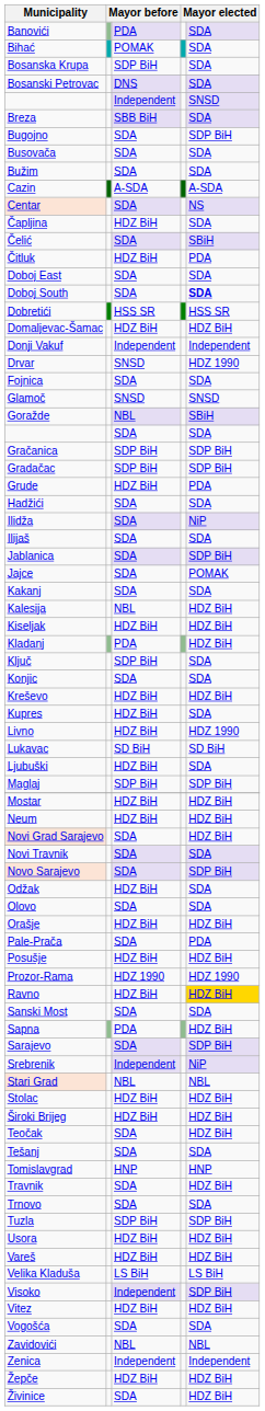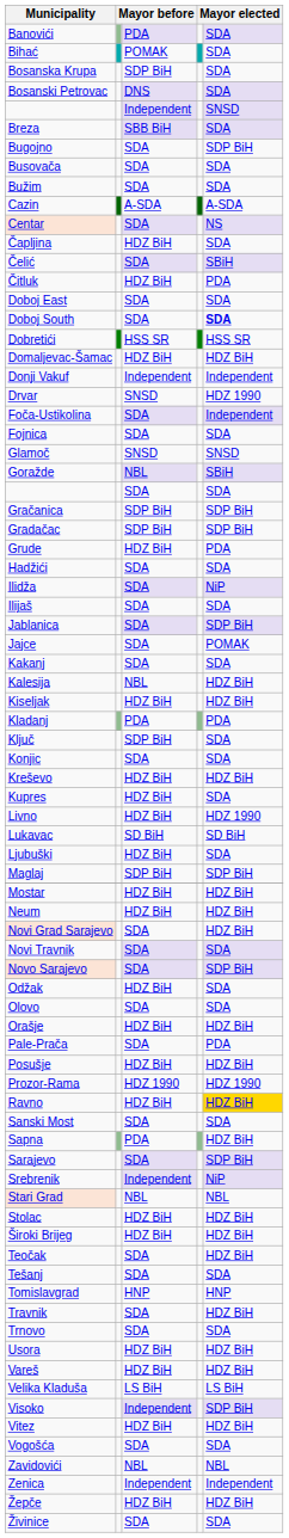 <table class="wikitable sortable">
 <tr>
 <th>Municipality</th>
 <th colspan="2">Mayor before</th>
 <th colspan="2">Mayor elected</th>
 </tr>
 <tr>
 <td><a href='#'>Banovići</a></td>
 <td style="background-color:#8fbc8f"></td>
 <td style="background-color:#e5ddf3"><a href='#'>PDA</a></td>
 <td style="background-color:"></td>
 <td style="background-color:#e5ddf3"><a href='#'>SDA</a></td>
 </tr>
 <tr>
 <td><a href='#'>Bihać</a></td>
 <td style="background-color:#00AAAD"></td>
 <td><a href='#'>POMAK</a></td>
 <td style="background-color:#00AAAD"></td>
 <td><a href='#'>SDA</a></td>
 </tr>
 <tr>
 <td><a href='#'>Bosanska Krupa</a></td>
 <td style="background-color:"></td>
 <td><a href='#'>SDP BiH</a></td>
 <td style="background-color:"></td>
 <td><a href='#'>SDA</a></td>
 </tr>
 <tr>
 <td><a href='#'>Bosanski Petrovac</a></td>
 <td style="background-color:"></td>
 <td style="background-color:#e5ddf3"><a href='#'>DNS</a></td>
 <td style="background-color:"></td>
 <td style="background-color:#e5ddf3"><a href='#'>SDA</a></td>
 </tr>
 <tr>
 <td></td>
 <td style="background-color:"></td>
 <td style="background-color:#e5ddf3"><a href='#'>Independent</a></td>
 <td style="background-color:"></td>
 <td style="background-color:#e5ddf3"><a href='#'>SNSD</a></td>
 </tr>
 <tr>
 <td><a href='#'>Breza</a></td>
 <td style="background-color:"></td>
 <td style="background-color:#e5ddf3"><a href='#'>SBB BiH</a></td>
 <td style="background-color:"></td>
 <td style="background-color:#e5ddf3"><a href='#'>SDA</a></td>
 </tr>
 <tr>
 <td><a href='#'>Bugojno</a></td>
 <td style="background-color:"></td>
 <td><a href='#'>SDA</a></td>
 <td style="background-color:"></td>
 <td><a href='#'>SDP BiH</a></td>
 </tr>
 <tr>
 <td><a href='#'>Busovača</a></td>
 <td style="background-color:"></td>
 <td><a href='#'>SDA</a></td>
 <td style="background-color:"></td>
 <td><a href='#'>SDA</a></td>
 </tr>
 <tr>
 <td><a href='#'>Bužim</a></td>
 <td style="background-color:"></td>
 <td><a href='#'>SDA</a></td>
 <td style="background-color:"></td>
 <td><a href='#'>SDA</a></td>
 </tr>
 <tr>
 <td><a href='#'>Cazin</a></td>
 <td style="background-color:darkgreen"></td>
 <td><a href='#'>A-SDA</a></td>
 <td style="background-color:darkgreen"></td>
 <td><a href='#'>A-SDA</a></td>
 </tr>
 <tr>
 <td style="background: #FCE4D6"><a href='#'>Centar</a></td>
 <td style="background-color:"></td>
 <td style="background-color:#e5ddf3"><a href='#'>SDA</a></td>
 <td style="background-color:"></td>
 <td style="background-color:#e5ddf3"><a href='#'>NS</a></td>
 </tr>
 <tr>
 <td><a href='#'>Čapljina</a></td>
 <td style="background-color:"></td>
 <td><a href='#'>HDZ BiH</a></td>
 <td style="background-color:"></td>
 <td><a href='#'>SDA</a></td>
 </tr>
 <tr>
 <td><a href='#'>Čelić</a></td>
 <td style="background-color:"></td>
 <td style="background-color:#e5ddf3"><a href='#'>SDA</a></td>
 <td style="background-color:"></td>
 <td style="background-color:#e5ddf3"><a href='#'>SBiH</a></td>
 </tr>
 <tr>
 <td><a href='#'>Čitluk</a></td>
 <td style="background-color:"></td>
 <td><a href='#'>HDZ BiH</a></td>
 <td style="background-color:"></td>
 <td><a href='#'>PDA</a></td>
 </tr>
 <tr>
 <td><a href='#'>Doboj East</a></td>
 <td style="background-color:"></td>
 <td><a href='#'>SDA</a></td>
 <td style="background-color:"></td>
 <td><a href='#'>SDA</a></td>
 </tr>
 <tr>
 <td><a href='#'>Doboj South</a></td>
 <td style="background-color:"></td>
 <td><a href='#'>SDA</a></td>
 <td style="background-color:"></td>
 <td><strong><a href='#'>SDA</a></strong></td>
 </tr>
 <tr>
 <td><a href='#'>Dobretići</a></td>
 <td style="background-color:green"></td>
 <td><a href='#'>HSS SR</a></td>
 <td style="background-color:green"></td>
 <td><a href='#'>HSS SR</a></td>
 </tr>
 <tr>
 <td><a href='#'>Domaljevac-Šamac</a></td>
 <td style="background-color:"></td>
 <td><a href='#'>HDZ BiH</a></td>
 <td style="background-color:"></td>
 <td><a href='#'>HDZ BiH</a></td>
 </tr>
 <tr>
 <td><a href='#'>Donji Vakuf</a></td>
 <td style="background-color:"></td>
 <td><a href='#'>Independent</a></td>
 <td style="background-color:"></td>
 <td><a href='#'>Independent</a></td>
 </tr>
 <tr>
 <td><a href='#'>Drvar</a></td>
 <td style="background-color:"></td>
 <td><a href='#'>SNSD</a></td>
 <td style="background-color:"></td>
 <td><a href='#'>HDZ 1990</a></td>
 </tr>
 <tr>
+<td><a href='#'>Foča-Ustikolina</a></td>
+<td style="background-color:"></td>
+<td style="background-color:#e5ddf3"><a href='#'>SDA</a></td>
+<td style="background-color:"></td>
+<td style="background-color:#e5ddf3"><a href='#'>Independent</a></td>
+</tr>
+<tr>
 <td><a href='#'>Fojnica</a></td>
 <td style="background-color:"></td>
 <td><a href='#'>SDA</a></td>
 <td style="background-color:"></td>
 <td><a href='#'>SDA</a></td>
 </tr>
 <tr>
 <td><a href='#'>Glamoč</a></td>
 <td style="background-color:"></td>
 <td><a href='#'>SNSD</a></td>
 <td style="background-color:"></td>
 <td><a href='#'>SNSD</a></td>
 </tr>
 <tr>
 <td><a href='#'>Goražde</a></td>
 <td style="background-color:"></td>
 <td style="background-color:#e5ddf3"><a href='#'>NBL</a></td>
 <td style="background-color:"></td>
 <td style="background-color:#e5ddf3"><a href='#'>SBiH</a></td>
 </tr>
 <tr>
 <td></td>
 <td style="background-color:"></td>
 <td><a href='#'>SDA</a></td>
 <td style="background-color:"></td>
 <td><a href='#'>SDA</a></td>
 </tr>
 <tr>
 <td><a href='#'>Gračanica</a></td>
 <td style="background-color:"></td>
 <td><a href='#'>SDP BiH</a></td>
 <td style="background-color:"></td>
 <td><a href='#'>SDP BiH</a></td>
 </tr>
 <tr>
 <td><a href='#'>Gradačac</a></td>
 <td style="background-color:"></td>
 <td><a href='#'>SDP BiH</a></td>
 <td style="background-color:"></td>
 <td><a href='#'>SDP BiH</a></td>
 </tr>
 <tr>
 <td><a href='#'>Grude</a></td>
 <td style="background-color:"></td>
 <td><a href='#'>HDZ BiH</a></td>
 <td style="background-color:"></td>
 <td><a href='#'>PDA</a></td>
 </tr>
 <tr>
 <td><a href='#'>Hadžići</a></td>
 <td style="background-color:"></td>
 <td><a href='#'>SDA</a></td>
 <td style="background-color:"></td>
 <td><a href='#'>SDA</a></td>
 </tr>
 <tr>
 <td><a href='#'> Ilidža</a></td>
 <td style="background-color:"></td>
 <td style="background-color:#e5ddf3"><a href='#'>SDA</a></td>
 <td style="background-color:"></td>
 <td style="background-color:#e5ddf3"><a href='#'>NiP</a></td>
 </tr>
 <tr>
 <td><a href='#'>Ilijaš</a></td>
 <td style="background-color:"></td>
 <td><a href='#'>SDA</a></td>
 <td style="background-color:"></td>
 <td><a href='#'>SDA</a></td>
 </tr>
 <tr>
 <td><a href='#'>Jablanica</a></td>
 <td style="background-color:"></td>
 <td style="background-color:#e5ddf3"><a href='#'>SDA</a></td>
 <td style="background-color:"></td>
 <td style="background-color:#e5ddf3"><a href='#'>SDP BiH</a></td>
 </tr>
 <tr>
 <td><a href='#'>Jajce</a></td>
 <td style="background-color:"></td>
 <td><a href='#'>SDA</a></td>
 <td style="background-color:"></td>
 <td><a href='#'>POMAK</a></td>
 </tr>
 <tr>
 <td><a href='#'>Kakanj</a></td>
 <td style="background-color:"></td>
 <td><a href='#'>SDA</a></td>
 <td style="background-color:"></td>
 <td><a href='#'>SDA</a></td>
 </tr>
 <tr>
 <td><a href='#'>Kalesija</a></td>
 <td style="background-color:"></td>
 <td><a href='#'>NBL</a></td>
 <td style="background-color:"></td>
 <td><a href='#'>HDZ BiH</a></td>
 </tr>
 <tr>
 <td><a href='#'>Kiseljak</a></td>
 <td style="background-color:"></td>
 <td><a href='#'>HDZ BiH</a></td>
 <td style="background-color:"></td>
 <td><a href='#'>HDZ BiH</a></td>
 </tr>
 <tr>
 <td><a href='#'>Kladanj</a></td>
 <td style="background-color:#8fbc8f"></td>
 <td><a href='#'>PDA</a></td>
 <td style="background-color:#8fbc8f"></td>
-<td><a href='#'>HDZ BiH</a></td>
+<td><a href='#'>PDA</a></td>
 </tr>
 <tr>
 <td><a href='#'>Ključ</a></td>
 <td style="background-color:"></td>
 <td><a href='#'>SDP BiH</a></td>
 <td style="background-color:"></td>
 <td><a href='#'>SDA</a></td>
 </tr>
 <tr>
 <td><a href='#'>Konjic</a></td>
 <td style="background-color:"></td>
 <td><a href='#'>SDA</a></td>
 <td style="background-color:"></td>
 <td><a href='#'>SDA</a></td>
 </tr>
 <tr>
 <td><a href='#'>Kreševo</a></td>
 <td style="background-color:"></td>
 <td><a href='#'>HDZ BiH</a></td>
 <td style="background-color:"></td>
 <td><a href='#'>HDZ BiH</a></td>
 </tr>
 <tr>
 <td><a href='#'>Kupres</a></td>
 <td style="background-color:"></td>
 <td><a href='#'>HDZ BiH</a></td>
 <td style="background-color:"></td>
 <td><a href='#'>SDA</a></td>
 </tr>
 <tr>
 <td><a href='#'>Livno</a></td>
 <td style="background-color:"></td>
 <td><a href='#'>HDZ BiH</a></td>
 <td style="background-color:"></td>
 <td><a href='#'>HDZ 1990</a></td>
 </tr>
 <tr>
 <td><a href='#'>Lukavac</a></td>
 <td style="background-color:"></td>
 <td><a href='#'>SD BiH</a></td>
 <td style="background-color:"></td>
 <td><a href='#'>SD BiH</a></td>
 </tr>
 <tr>
 <td><a href='#'>Ljubuški</a></td>
 <td style="background-color:"></td>
 <td><a href='#'>HDZ BiH</a></td>
 <td style="background-color:"></td>
 <td><a href='#'>SDA</a></td>
 </tr>
 <tr>
 <td><a href='#'>Maglaj</a></td>
 <td style="background-color:"></td>
 <td><a href='#'>SDP BiH</a></td>
 <td style="background-color:"></td>
 <td><a href='#'>SDP BiH</a></td>
 </tr>
 <tr>
 </tr>
 <tr>
 <td><a href='#'>Mostar</a></td>
 <td style="background-color:"></td>
 <td><a href='#'>HDZ BiH</a></td>
 <td style="background-color:"></td>
 <td><a href='#'>HDZ BiH</a></td>
 </tr>
 <tr>
 <td><a href='#'>Neum</a></td>
 <td style="background-color:"></td>
 <td><a href='#'>HDZ BiH</a></td>
 <td style="background-color:"></td>
 <td><a href='#'>HDZ BiH</a></td>
 </tr>
 <tr>
 <td style='background: #FCE4D6'><a href='#'>Novi Grad Sarajevo</a></td>
 <td style="background-color:"></td>
 <td><a href='#'>SDA</a></td>
 <td style="background-color:"></td>
 <td><a href='#'>HDZ BiH</a></td>
 </tr>
 <tr>
 <td><a href='#'>Novi Travnik</a></td>
 <td style="background-color:"></td>
 <td style="background-color:#e5ddf3"><a href='#'>SDA</a></td>
 <td style="background-color:"></td>
 <td style="background-color:#e5ddf3"><a href='#'>SDA</a></td>
 </tr>
 <tr>
 <td style='background: #FCE4D6'><a href='#'>Novo Sarajevo</a></td>
 <td style="background-color:"></td>
 <td style="background-color:#e5ddf3"><a href='#'>SDA</a></td>
 <td style="background-color:"></td>
 <td style="background-color:#e5ddf3"><a href='#'>SDP BiH</a></td>
 </tr>
 <tr>
 <td><a href='#'>Odžak</a></td>
 <td style="background-color:"></td>
 <td><a href='#'>HDZ BiH</a></td>
 <td style="background-color:"></td>
 <td><a href='#'>SDA</a></td>
 </tr>
 <tr>
 <td><a href='#'>Olovo</a></td>
 <td style="background-color:"></td>
 <td><a href='#'>SDA</a></td>
 <td style="background-color:"></td>
 <td><a href='#'>SDA</a></td>
 </tr>
 <tr>
 <td><a href='#'>Orašje</a></td>
 <td style="background-color:"></td>
 <td><a href='#'>HDZ BiH</a></td>
 <td style="background-color:"></td>
 <td><a href='#'>HDZ BiH</a></td>
 </tr>
 <tr>
 <td><a href='#'>Pale-Prača</a></td>
 <td style="background-color:"></td>
 <td><a href='#'>SDA</a></td>
 <td style="background-color:"></td>
 <td><a href='#'>PDA</a></td>
 </tr>
 <tr>
 <td><a href='#'>Posušje</a></td>
 <td style="background-color:"></td>
 <td><a href='#'>HDZ BiH</a></td>
 <td style="background-color:"></td>
 <td><a href='#'>HDZ BiH</a></td>
 </tr>
 <tr>
 <td><a href='#'>Prozor-Rama</a></td>
 <td style="background-color:"></td>
 <td><a href='#'>HDZ 1990</a></td>
 <td style="background-color:"></td>
 <td><a href='#'>HDZ 1990</a></td>
 </tr>
 <tr>
 <td><a href='#'>Ravno</a></td>
 <td style="background-color:"></td>
 <td><a href='#'>HDZ BiH</a></td>
 <td style="background-color:"></td>
 <td style="background: gold;"><a href='#'>HDZ BiH</a></td>
 </tr>
 <tr>
 <td><a href='#'>Sanski Most</a></td>
 <td style="background-color:"></td>
 <td><a href='#'>SDA</a></td>
 <td style="background-color:"></td>
 <td><a href='#'>SDA</a></td>
 </tr>
 <tr>
 <td><a href='#'>Sapna</a></td>
 <td style="background-color:#8fbc8f"></td>
 <td><a href='#'>PDA</a></td>
 <td style="background-color:#8fbc8f"></td>
 <td><a href='#'>HDZ BiH</a></td>
 </tr>
 <tr>
 <td><a href='#'>Sarajevo</a></td>
 <td style="background-color:"></td>
 <td style="background-color:#e5ddf3"><a href='#'>SDA</a></td>
 <td style="background-color:"></td>
 <td style="background-color:#e5ddf3"><a href='#'>SDP BiH</a></td>
 </tr>
 <tr>
 <td><a href='#'>Srebrenik</a></td>
 <td style="background-color:"></td>
 <td style="background-color:#e5ddf3"><a href='#'>Independent</a></td>
 <td style="background-color:"></td>
 <td style="background-color:#e5ddf3"><a href='#'>NiP</a></td>
 </tr>
 <tr>
 <td style='background: #FCE4D6'><a href='#'>Stari Grad</a></td>
 <td style="background-color:"></td>
 <td><a href='#'>NBL</a></td>
 <td style="background-color:"></td>
 <td><a href='#'>NBL</a></td>
 </tr>
 <tr>
 <td><a href='#'>Stolac</a></td>
 <td style="background-color:"></td>
 <td><a href='#'>HDZ BiH</a></td>
 <td style="background-color:"></td>
 <td><a href='#'>HDZ BiH</a></td>
 </tr>
 <tr>
 <td><a href='#'>Široki Brijeg</a></td>
 <td style="background-color:"></td>
 <td><a href='#'>HDZ BiH</a></td>
 <td style="background-color:"></td>
 <td><a href='#'>HDZ BiH</a></td>
 </tr>
 <tr>
 <td><a href='#'>Teočak</a></td>
 <td style="background-color:"></td>
 <td><a href='#'>SDA</a></td>
 <td style="background-color:"></td>
 <td><a href='#'>HDZ BiH</a></td>
 </tr>
 <tr>
 <td><a href='#'>Tešanj</a></td>
 <td style="background-color:"></td>
 <td><a href='#'>SDA</a></td>
 <td style="background-color:"></td>
 <td><a href='#'>SDA</a></td>
 </tr>
 <tr>
 <td><a href='#'>Tomislavgrad</a></td>
 <td style="background-color:"></td>
 <td><a href='#'>HNP</a></td>
 <td style="background-color:"></td>
 <td><a href='#'>HNP</a></td>
 </tr>
 <tr>
 <td><a href='#'>Travnik</a></td>
 <td style="background-color:"></td>
 <td><a href='#'>SDA</a></td>
 <td style="background-color:"></td>
 <td><a href='#'>HDZ BiH</a></td>
 </tr>
 <tr>
 <td><a href='#'>Trnovo</a></td>
 <td style="background-color:"></td>
 <td><a href='#'>SDA</a></td>
 <td style="background-color:"></td>
 <td><a href='#'>SDA</a></td>
 </tr>
 <tr>
-<td><a href='#'>Tuzla</a></td>
-<td style="background-color:"></td>
-<td><a href='#'>SDP BiH</a></td>
-<td style="background-color:"></td>
-<td><a href='#'>SDP BiH</a></td>
-</tr>
-<tr>
 <td><a href='#'>Usora</a></td>
 <td style="background-color:"></td>
 <td><a href='#'>HDZ BiH</a></td>
 <td style="background-color:"></td>
 <td><a href='#'>HDZ BiH</a></td>
 </tr>
 <tr>
 <td><a href='#'>Vareš</a></td>
 <td style="background-color:"></td>
 <td><a href='#'>HDZ BiH</a></td>
 <td style="background-color:"></td>
 <td><a href='#'>HDZ BiH</a></td>
 </tr>
 <tr>
 <td><a href='#'>Velika Kladuša</a></td>
 <td style="background-color:"></td>
 <td><a href='#'>LS BiH</a></td>
 <td style="background-color:"></td>
 <td><a href='#'>LS BiH</a></td>
 </tr>
 <tr>
 <td><a href='#'>Visoko</a></td>
 <td style="background-color:"></td>
 <td style="background-color:#e5ddf3"><a href='#'>Independent</a></td>
 <td style="background-color:"></td>
 <td style="background-color:#e5ddf3"><a href='#'>SDP BiH</a></td>
 </tr>
 <tr>
 <td><a href='#'>Vitez</a></td>
 <td style="background-color:"></td>
 <td><a href='#'>HDZ BiH</a></td>
 <td style="background-color:"></td>
 <td><a href='#'>HDZ BiH</a></td>
 </tr>
 <tr>
 <td><a href='#'>Vogošća</a></td>
 <td style="background-color:"></td>
 <td><a href='#'>SDA</a></td>
 <td style="background-color:"></td>
 <td><a href='#'>SDA</a></td>
 </tr>
 <tr>
 <td><a href='#'>Zavidovići</a></td>
 <td style="background-color:"></td>
 <td><a href='#'>NBL</a></td>
 <td style="background-color:"></td>
 <td><a href='#'>NBL</a></td>
 </tr>
 <tr>
 <td><a href='#'>Zenica</a></td>
 <td style="background-color:"></td>
 <td><a href='#'>Independent</a></td>
 <td style="background-color:"></td>
 <td><a href='#'>Independent</a></td>
 </tr>
 <tr>
 <td><a href='#'>Žepče</a></td>
 <td style="background-color:"></td>
 <td><a href='#'>HDZ BiH</a></td>
 <td style="background-color:"></td>
 <td><a href='#'>HDZ BiH</a></td>
 </tr>
 <tr>
 <td><a href='#'>Živinice</a></td>
 <td style="background-color:"></td>
 <td><a href='#'>SDA</a></td>
 <td style="background-color:"></td>
-<td><a href='#'>HDZ BiH</a></td>
+<td><a href='#'>SDA</a></td>
 </tr>
 </table>
